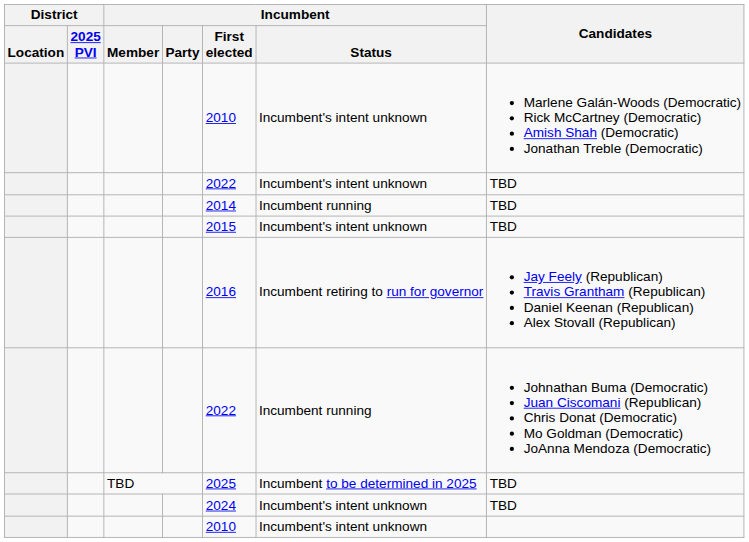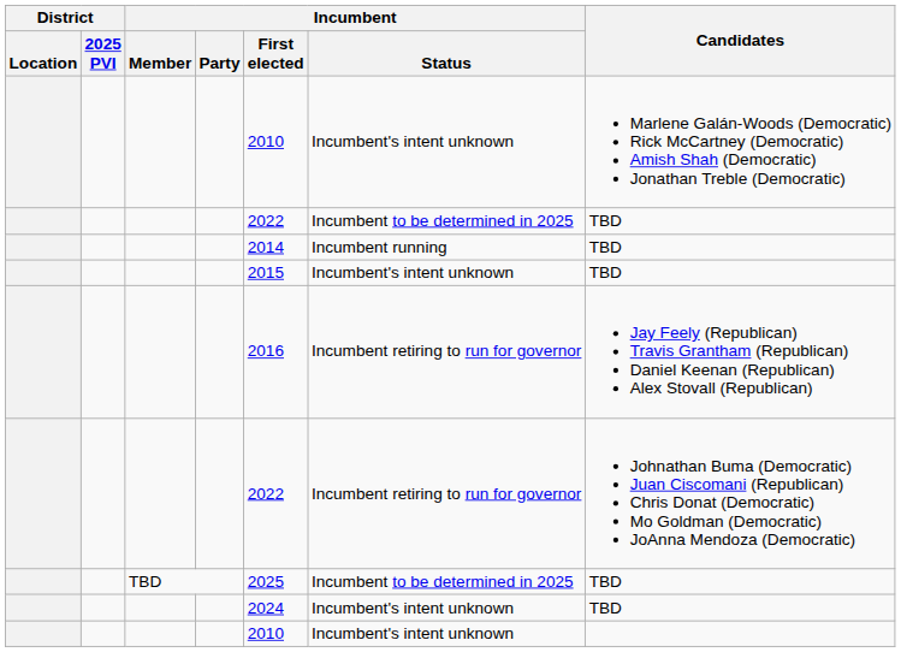 <table class="wikitable sortable">
 <tr>
 <th colspan=2>District</th>
 <th colspan=4>Incumbent</th>
 <th rowspan=2 class="unsortable">Candidates</th>
 </tr>
 <tr valign=bottom>
 <th>Location</th>
 <th><a href='#'>2025<br>PVI</a></th>
 <th>Member</th>
 <th>Party</th>
 <th>First<br>elected</th>
 <th>Status</th>
 </tr>
 <tr>
 <th></th>
 <td></td>
 <td></td>
 <td></td>
 <td><a href='#'>2010</a></td>
 <td>Incumbent's intent unknown</td>
 <td><br><ul><li>Marlene Galán-Woods (Democratic)</li><li>Rick McCartney (Democratic)</li><li><a href='#'>Amish Shah</a> (Democratic)</li><li>Jonathan Treble (Democratic)</li></ul></td>
 </tr>
 <tr>
 <th></th>
 <td></td>
 <td></td>
 <td></td>
 <td><a href='#'>2022</a></td>
-<td>Incumbent's intent unknown</td>
+<td>Incumbent <a href='#'>to be determined in 2025</a></td>
 <td>TBD</td>
 </tr>
 <tr>
 <th></th>
 <td></td>
 <td></td>
 <td></td>
 <td><a href='#'>2014</a></td>
 <td>Incumbent running</td>
 <td>TBD</td>
 </tr>
 <tr>
 <th></th>
 <td></td>
 <td></td>
 <td></td>
 <td><a href='#'>2015</a></td>
 <td>Incumbent's intent unknown</td>
 <td>TBD</td>
 </tr>
 <tr>
 <th></th>
 <td></td>
 <td></td>
 <td></td>
 <td><a href='#'>2016</a></td>
 <td>Incumbent retiring to <a href='#'>run for governor</a></td>
 <td><br><ul><li><a href='#'>Jay Feely</a> (Republican)</li><li><a href='#'>Travis Grantham</a> (Republican)</li><li>Daniel Keenan (Republican)</li><li>Alex Stovall (Republican)</li></ul></td>
 </tr>
 <tr>
 <th></th>
 <td></td>
 <td></td>
 <td></td>
 <td><a href='#'>2022</a></td>
-<td>Incumbent running</td>
+<td>Incumbent retiring to <a href='#'>run for governor</a></td>
 <td nowrap><br><ul><li>Johnathan Buma (Democratic)</li><li><a href='#'>Juan Ciscomani</a> (Republican)</li><li>Chris Donat (Democratic)</li><li>Mo Goldman (Democratic)</li><li>JoAnna Mendoza (Democratic)</li></ul></td>
 </tr>
 <tr>
 <th></th>
 <td></td>
 <td colspan=2>TBD</td>
 <td><a href='#'>2025 </a></td>
 <td>Incumbent <a href='#'>to be determined in 2025</a></td>
 <td>TBD</td>
 </tr>
 <tr>
 <th></th>
 <td></td>
 <td></td>
 <td></td>
 <td><a href='#'>2024</a></td>
 <td>Incumbent's intent unknown</td>
 <td>TBD</td>
 </tr>
 <tr>
 <th></th>
 <td></td>
 <td></td>
 <td></td>
 <td><a href='#'>2010</a></td>
 <td>Incumbent's intent unknown</td>
 <td></td>
 </tr>
 </table>
